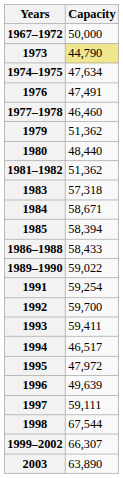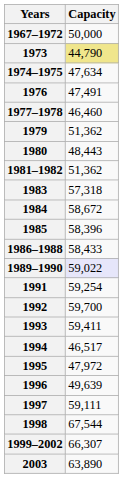 <table class="wikitable">
 <tr>
 <th scope="row">Years</th>
 <th scope="row">Capacity</th>
 </tr>
 <tr>
 <th scope="row">1967–1972</th>
 <td>50,000</td>
 </tr>
 <tr>
 <th scope="row">1973</th>
 <td style="background: khaki;">44,790</td>
 </tr>
 <tr>
 <th scope="row">1974–1975</th>
 <td>47,634</td>
 </tr>
 <tr>
 <th scope="row">1976</th>
 <td>47,491</td>
 </tr>
 <tr>
 <th scope="row">1977–1978</th>
 <td>46,460</td>
 </tr>
 <tr>
 <th scope="row">1979</th>
 <td>51,362</td>
 </tr>
 <tr>
 <th scope="row">1980</th>
-<td>48,440</td>
+<td>48,443</td>
 </tr>
 <tr>
 <th scope="row">1981–1982</th>
 <td>51,362</td>
 </tr>
 <tr>
 <th scope="row">1983</th>
 <td>57,318</td>
 </tr>
 <tr>
 <th scope="row">1984</th>
-<td>58,671</td>
+<td>58,672</td>
 </tr>
 <tr>
 <th scope="row">1985</th>
-<td>58,394</td>
+<td>58,396</td>
 </tr>
 <tr>
 <th scope="row">1986–1988</th>
 <td>58,433</td>
 </tr>
 <tr>
 <th scope="row">1989–1990</th>
-<td>59,022</td>
+<td style="background: lavender;">59,022</td>
 </tr>
 <tr>
 <th scope="row">1991</th>
 <td>59,254</td>
 </tr>
 <tr>
 <th scope="row">1992</th>
 <td>59,700</td>
 </tr>
 <tr>
 <th scope="row">1993</th>
 <td>59,411</td>
 </tr>
 <tr>
 <th scope="row">1994</th>
 <td>46,517</td>
 </tr>
 <tr>
 <th scope="row">1995</th>
 <td>47,972</td>
 </tr>
 <tr>
 <th scope="row">1996</th>
 <td>49,639</td>
 </tr>
 <tr>
 <th scope="row">1997</th>
 <td>59,111</td>
 </tr>
 <tr>
 <th scope="row">1998</th>
 <td>67,544</td>
 </tr>
 <tr>
 <th scope="row">1999–2002</th>
 <td>66,307</td>
 </tr>
 <tr>
 <th scope="row">2003</th>
 <td>63,890</td>
 </tr>
 </table>
